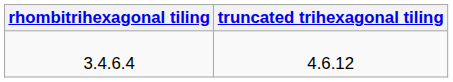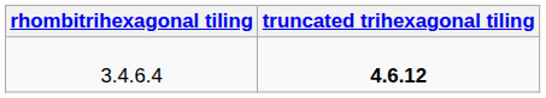 <table class=wikitable>
 <tr>
 <th><a href='#'>rhombitrihexagonal tiling</a></th>
 <th><a href='#'>truncated trihexagonal tiling</a></th>
 </tr>
 <tr align=center>
 <td><br>3.4.6.4</td>
-<td><br>4.6.12</td>
+<td><strong><br>4.6.12</strong></td>
 </tr>
 </table>
